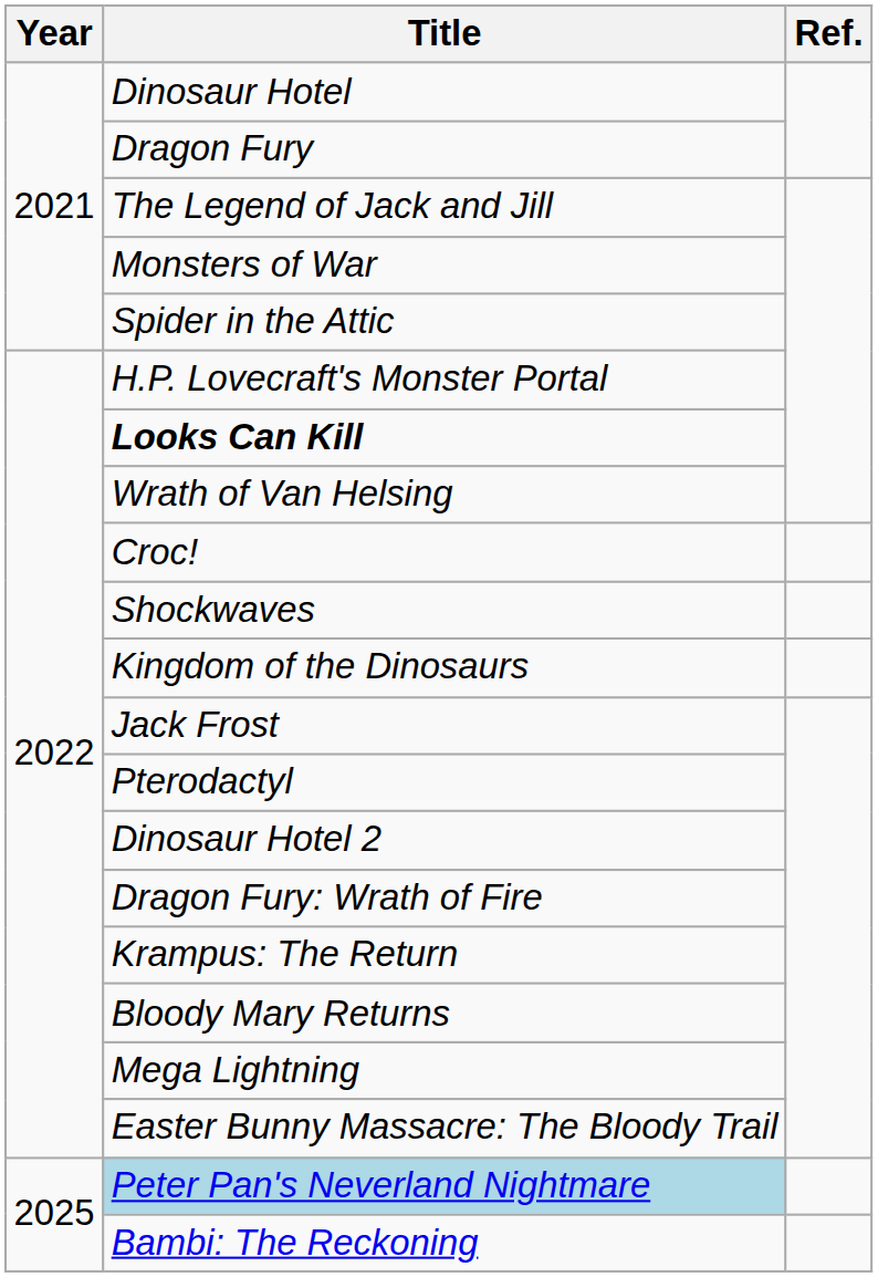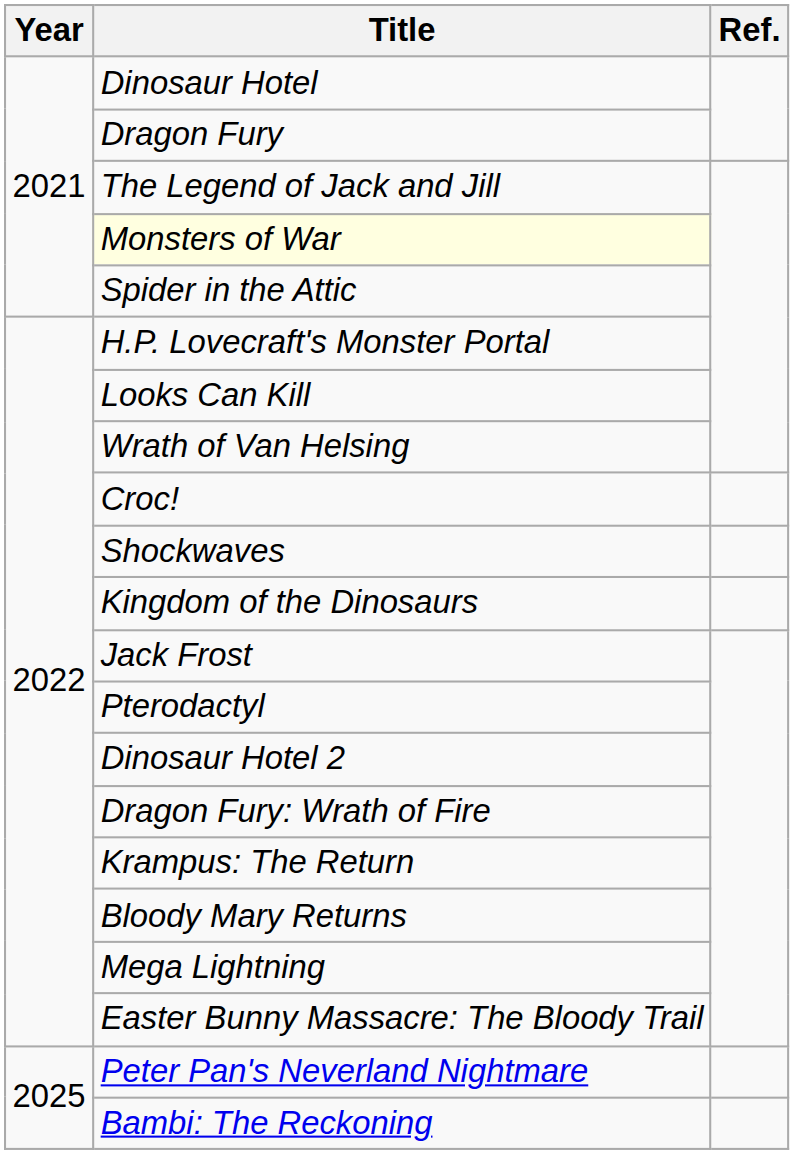 <table class="wikitable">
 <tr>
 <th>Year</th>
 <th>Title</th>
 <th>Ref.</th>
 </tr>
 <tr>
 <td rowspan=5>2021</td>
 <td><em>Dinosaur Hotel</em></td>
 <td rowspan=2></td>
 </tr>
 <tr>
 <td><em>Dragon Fury</em></td>
 </tr>
 <tr>
 <td><em>The Legend of Jack and Jill</em></td>
 <td rowspan=6></td>
 </tr>
 <tr>
-<td><em>Monsters of War</em></td>
+<td style="background: lightyellow;"><em>Monsters of War</em></td>
 </tr>
 <tr>
 <td><em>Spider in the Attic</em></td>
 </tr>
 <tr>
 <td rowspan=14>2022</td>
 <td><em>H.P. Lovecraft's Monster Portal</em></td>
 </tr>
 <tr>
-<td><strong><em>Looks Can Kill</em></strong></td>
+<td><em>Looks Can Kill</em></td>
 </tr>
 <tr>
 <td><em>Wrath of Van Helsing</em></td>
 </tr>
 <tr>
 <td><em>Croc!</em></td>
 <td></td>
 </tr>
 <tr>
 <td><em>Shockwaves</em></td>
 <td></td>
 </tr>
 <tr>
 <td><em>Kingdom of the Dinosaurs</em></td>
 <td></td>
 </tr>
 <tr>
 <td><em>Jack Frost</em></td>
 <td rowspan=8></td>
 </tr>
 <tr>
 <td><em>Pterodactyl</em></td>
 </tr>
 <tr>
 <td><em>Dinosaur Hotel 2</em></td>
 </tr>
 <tr>
 <td><em>Dragon Fury: Wrath of Fire</em></td>
 </tr>
 <tr>
 <td><em>Krampus: The Return</em></td>
 </tr>
 <tr>
 <td><em>Bloody Mary Returns</em></td>
 </tr>
 <tr>
 <td><em>Mega Lightning</em></td>
 </tr>
 <tr>
 <td><em>Easter Bunny Massacre: The Bloody Trail</em></td>
 </tr>
 <tr>
 <td rowspan=2>2025</td>
-<td style="background: lightblue;"><em><a href='#'>Peter Pan's Neverland Nightmare</a></em></td>
+<td><em><a href='#'>Peter Pan's Neverland Nightmare</a></em></td>
 <td></td>
 </tr>
 <tr>
 <td><em><a href='#'>Bambi: The Reckoning</a></em></td>
 <td></td>
 </tr>
 </table>
